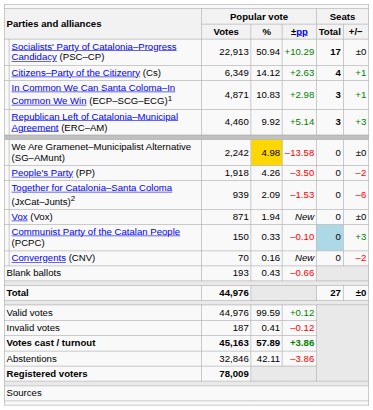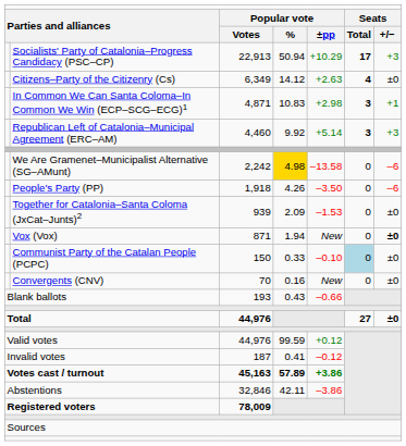 <table class="wikitable" style="text-align:right;">
 <tr>
 <td colspan="7"></td>
 </tr>
 <tr>
 <th style="text-align:left;" rowspan="2" colspan="2" width="525">Parties and alliances</th>
 <th colspan="3">Popular vote</th>
 <th colspan="2">Seats</th>
 </tr>
 <tr>
 <th width="75">Votes</th>
 <th width="45">%</th>
 <th width="45">±<a href='#'>pp</a></th>
 <th width="35">Total</th>
 <th width="35">+/−</th>
 </tr>
 <tr>
 <td width="1" style="color:inherit;background:"></td>
 <td align="left"><a href='#'>Socialists' Party of Catalonia–Progress Candidacy</a> (PSC–CP)</td>
 <td>22,913</td>
 <td>50.94</td>
 <td style="color:green;">+10.29</td>
 <td><strong>17</strong></td>
-<td>±0</td>
+<td style="color:green;">+3</td>
 </tr>
 <tr>
 <td style="color:inherit;background:"></td>
 <td align="left"><a href='#'>Citizens–Party of the Citizenry</a> (Cs)</td>
 <td>6,349</td>
 <td>14.12</td>
 <td style="color:green;">+2.63</td>
 <td><strong>4</strong></td>
-<td style="color:green;">+1</td>
+<td>±0</td>
 </tr>
 <tr>
 <td style="color:inherit;background:"></td>
 <td align="left"><a href='#'>In Common We Can Santa Coloma–In Common We Win</a> (ECP–SCG–ECG)<sup>1</sup></td>
 <td>4,871</td>
 <td>10.83</td>
 <td style="color:green;">+2.98</td>
 <td><strong>3</strong></td>
 <td style="color:green;">+1</td>
 </tr>
 <tr>
 <td style="color:inherit;background:"></td>
 <td align="left"><a href='#'>Republican Left of Catalonia–Municipal Agreement</a> (ERC–AM)</td>
 <td>4,460</td>
 <td>9.92</td>
 <td style="color:green;">+5.14</td>
 <td><strong>3</strong></td>
 <td style="color:green;">+3</td>
 </tr>
 <tr>
 <td colspan="7" bgcolor="#C0C0C0"></td>
 </tr>
 <tr>
 <td style="color:inherit;background:"></td>
 <td align="left">We Are Gramenet–Municipalist Alternative (SG–AMunt)</td>
 <td>2,242</td>
 <td style="background: gold;">4.98</td>
 <td style="color:red;">–13.58</td>
 <td>0</td>
-<td>±0</td>
+<td style="color:red;">–6</td>
 </tr>
 <tr>
 <td style="color:inherit;background:"></td>
 <td align="left"><a href='#'>People's Party</a> (PP)</td>
 <td>1,918</td>
 <td>4.26</td>
 <td style="color:red;">–3.50</td>
 <td>0</td>
-<td style="color:red;">–2</td>
+<td style="color:red;">–6</td>
 </tr>
 <tr>
 <td style="color:inherit;background:"></td>
 <td align="left"><a href='#'>Together for Catalonia–Santa Coloma</a> (JxCat–Junts)<sup>2</sup></td>
 <td>939</td>
 <td>2.09</td>
 <td style="color:red;">–1.53</td>
 <td>0</td>
-<td style="color:red;">–6</td>
+<td>±0</td>
 </tr>
 <tr>
 <td style="color:inherit;background:"></td>
 <td align="left"><a href='#'>Vox</a> (Vox)</td>
 <td>871</td>
 <td>1.94</td>
 <td><em>New</em></td>
 <td>0</td>
-<td>±0</td>
+<td><strong>±0</strong></td>
 </tr>
 <tr>
 <td style="color:inherit;background:"></td>
 <td align="left"><a href='#'>Communist Party of the Catalan People</a> (PCPC)</td>
 <td>150</td>
 <td>0.33</td>
 <td style="color:red;">–0.10</td>
 <td style="background: lightblue;">0</td>
-<td style="color:green;">+3</td>
+<td>±0</td>
 </tr>
 <tr>
 <td style="color:inherit;background:"></td>
 <td align="left"><a href='#'>Convergents</a> (CNV)</td>
 <td>70</td>
 <td>0.16</td>
 <td><em>New</em></td>
 <td>0</td>
-<td style="color:red;">–2</td>
+<td>±0</td>
 </tr>
 <tr>
 <td align="left" colspan="2">Blank ballots</td>
 <td>193</td>
 <td>0.43</td>
 <td style="color:red;">–0.66</td>
 <td bgcolor="#E9E9E9" colspan="2"></td>
 </tr>
 <tr>
 <td colspan="7" bgcolor="#E9E9E9"></td>
 </tr>
 <tr style="font-weight:bold;">
 <td align="left" colspan="2">Total</td>
 <td>44,976</td>
 <td bgcolor="#E9E9E9" colspan="2"></td>
 <td>27</td>
 <td>±0</td>
 </tr>
 <tr>
 <td colspan="7" bgcolor="#E9E9E9"></td>
 </tr>
 <tr>
 <td align="left" colspan="2">Valid votes</td>
 <td>44,976</td>
 <td>99.59</td>
 <td style="color:green;">+0.12</td>
 <td bgcolor="#E9E9E9" colspan="2" rowspan="5"></td>
 </tr>
 <tr>
 <td align="left" colspan="2">Invalid votes</td>
 <td>187</td>
 <td>0.41</td>
 <td style="color:red;">–0.12</td>
 </tr>
 <tr style="font-weight:bold;">
 <td align="left" colspan="2">Votes cast / turnout</td>
 <td>45,163</td>
 <td>57.89</td>
 <td style="color:green;">+3.86</td>
 </tr>
 <tr>
 <td align="left" colspan="2">Abstentions</td>
 <td>32,846</td>
 <td>42.11</td>
 <td style="color:red;">–3.86</td>
 </tr>
 <tr style="font-weight:bold;">
 <td align="left" colspan="2">Registered voters</td>
 <td>78,009</td>
 <td bgcolor="#E9E9E9" colspan="2"></td>
 </tr>
 <tr>
 <td colspan="7" bgcolor="#E9E9E9"></td>
 </tr>
 <tr>
 <td align="left" colspan="7">Sources</td>
 </tr>
 <tr>
 <td colspan="7" style="text-align:left; max-width:790px;"></td>
 </tr>
 </table>
